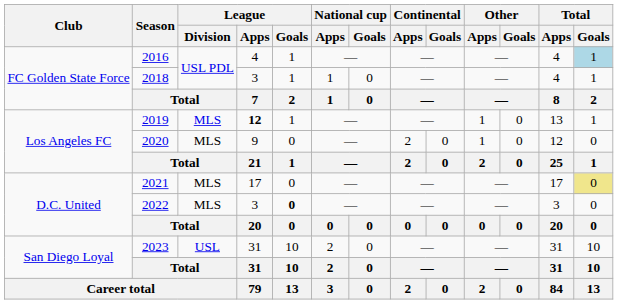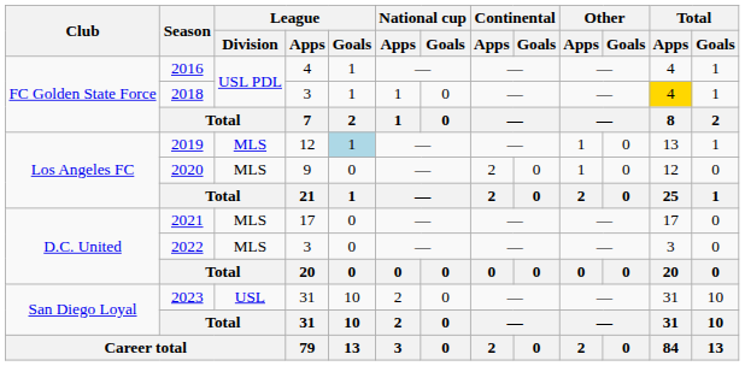 <table class="wikitable" style="text-align:center">
 <tr>
 <th rowspan="2">Club</th>
 <th rowspan="2">Season</th>
 <th colspan="3">League</th>
 <th colspan="2">National cup</th>
 <th colspan="2">Continental</th>
 <th colspan="2">Other</th>
 <th colspan="2">Total</th>
 </tr>
 <tr>
 <th>Division</th>
 <th>Apps</th>
 <th>Goals</th>
 <th>Apps</th>
 <th>Goals</th>
 <th>Apps</th>
 <th>Goals</th>
 <th>Apps</th>
 <th>Goals</th>
 <th>Apps</th>
 <th>Goals</th>
 </tr>
 <tr>
 <td rowspan="3"><a href='#'>FC Golden State Force</a></td>
 <td><a href='#'>2016</a></td>
 <td rowspan="2"><a href='#'>USL PDL</a></td>
 <td>4</td>
 <td>1</td>
 <td colspan="2">—</td>
 <td colspan="2">—</td>
 <td colspan="2">—</td>
 <td>4</td>
-<td style="background: lightblue;">1</td>
+<td>1</td>
 </tr>
 <tr>
 <td><a href='#'>2018</a></td>
 <td>3</td>
 <td>1</td>
 <td>1</td>
 <td>0</td>
 <td colspan="2">—</td>
 <td colspan="2">—</td>
-<td>4</td>
+<td style="background: gold;">4</td>
 <td>1</td>
 </tr>
 <tr>
 <th colspan="2">Total</th>
 <th>7</th>
 <th>2</th>
 <th>1</th>
 <th>0</th>
 <th colspan="2">—</th>
 <th colspan="2">—</th>
 <th>8</th>
 <th>2</th>
 </tr>
 <tr>
 <td rowspan="3"><a href='#'>Los Angeles FC</a></td>
 <td><a href='#'>2019</a></td>
 <td><a href='#'>MLS</a></td>
-<td><strong>12</strong></td>
-<td>1</td>
+<td>12</td>
+<td style="background: lightblue;">1</td>
 <td colspan="2">—</td>
 <td colspan="2">—</td>
 <td>1</td>
 <td>0</td>
 <td>13</td>
 <td>1</td>
 </tr>
 <tr>
 <td><a href='#'>2020</a></td>
 <td>MLS</td>
 <td>9</td>
 <td>0</td>
 <td colspan="2">—</td>
 <td>2</td>
 <td>0</td>
 <td>1</td>
 <td>0</td>
 <td>12</td>
 <td>0</td>
 </tr>
 <tr>
 <th colspan="2">Total</th>
 <th>21</th>
 <th>1</th>
 <th colspan="2">—</th>
 <th>2</th>
 <th>0</th>
 <th>2</th>
 <th>0</th>
 <th>25</th>
 <th>1</th>
 </tr>
 <tr>
 <td rowspan="3"><a href='#'>D.C. United</a></td>
 <td><a href='#'>2021</a></td>
 <td>MLS</td>
 <td>17</td>
 <td>0</td>
 <td colspan="2">—</td>
 <td colspan="2">—</td>
 <td colspan="2">—</td>
 <td>17</td>
-<td style="background: khaki;">0</td>
+<td>0</td>
 </tr>
 <tr>
 <td><a href='#'>2022</a></td>
 <td>MLS</td>
 <td>3</td>
-<td><strong>0</strong></td>
+<td>0</td>
 <td colspan="2">—</td>
 <td colspan="2">—</td>
 <td colspan="2">—</td>
 <td>3</td>
 <td>0</td>
 </tr>
 <tr>
 <th colspan="2">Total</th>
 <th>20</th>
 <th>0</th>
 <th>0</th>
 <th>0</th>
 <th>0</th>
 <th>0</th>
 <th>0</th>
 <th>0</th>
 <th>20</th>
 <th>0</th>
 </tr>
 <tr>
 <td rowspan="2"><a href='#'>San Diego Loyal</a></td>
 <td><a href='#'>2023</a></td>
 <td><a href='#'>USL</a></td>
 <td>31</td>
 <td>10</td>
 <td>2</td>
 <td>0</td>
 <td colspan="2">—</td>
 <td colspan="2">—</td>
 <td>31</td>
 <td>10</td>
 </tr>
 <tr>
 <th colspan="2">Total</th>
 <th>31</th>
 <th>10</th>
 <th>2</th>
 <th>0</th>
 <th colspan="2">—</th>
 <th colspan="2">—</th>
 <th>31</th>
 <th>10</th>
 </tr>
 <tr>
 <th colspan="3">Career total</th>
 <th>79</th>
 <th>13</th>
 <th>3</th>
 <th>0</th>
 <th>2</th>
 <th>0</th>
 <th>2</th>
 <th>0</th>
 <th>84</th>
 <th>13</th>
 </tr>
 </table>
